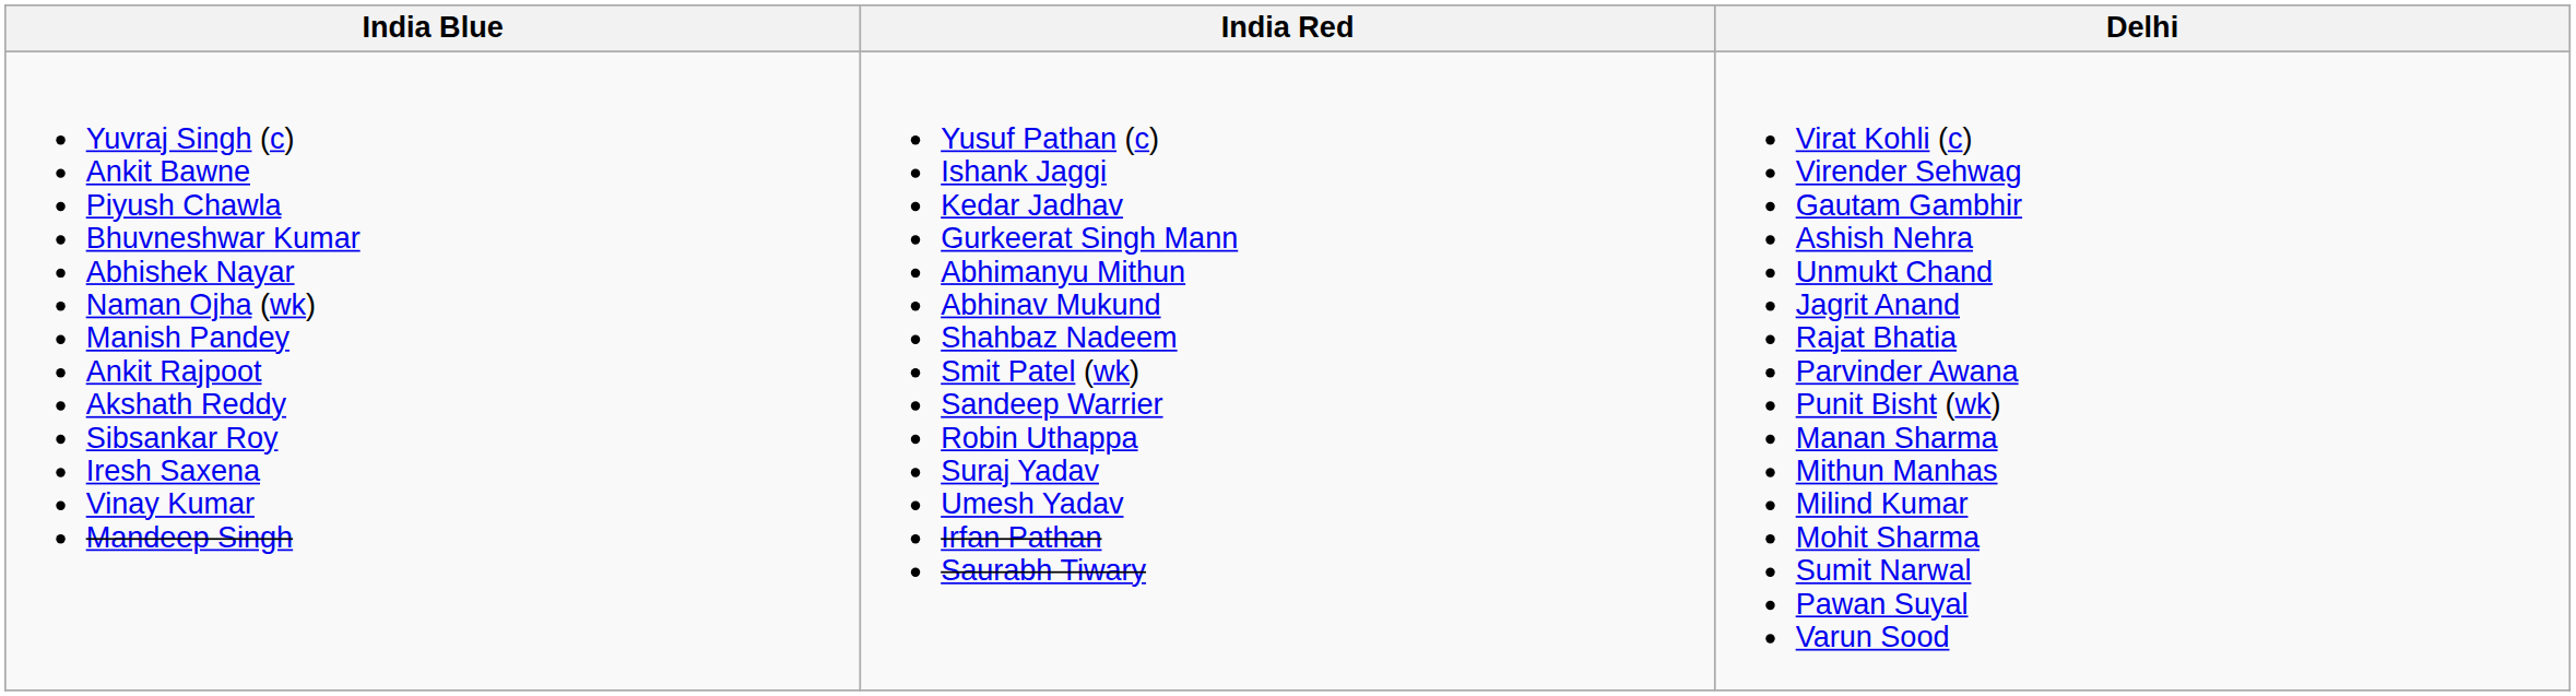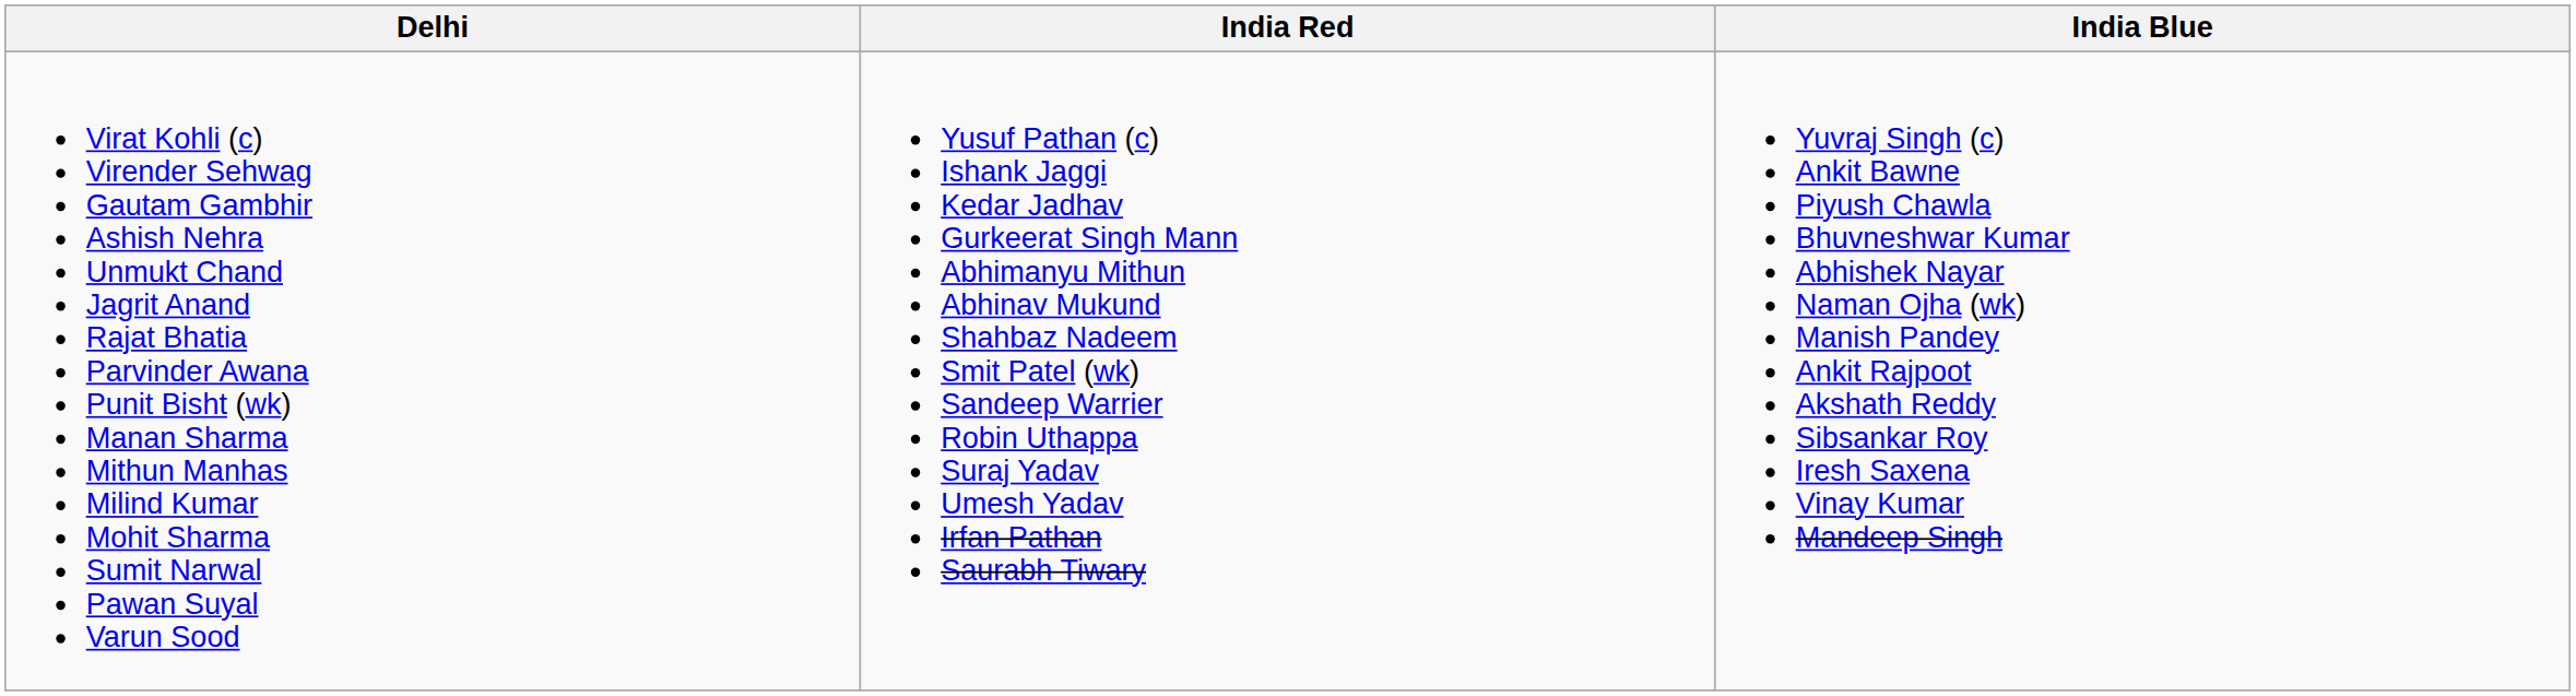 <table class="wikitable">
 <tr>
+<th style="width:15%;"> Delhi </th>
+<th style="width:15%;"> India Red </th>
 <th style="width:15%;"> India Blue </th>
-<th style="width:15%;"> India Red </th>
-<th style="width:15%;"> Delhi </th>
 </tr>
 <tr style="vertical-align:top">
+<td><br><ul><li><a href='#'>Virat Kohli</a> (<a href='#'>c</a>)</li><li><a href='#'>Virender Sehwag</a></li><li><a href='#'>Gautam Gambhir</a></li><li><a href='#'>Ashish Nehra</a></li><li><a href='#'>Unmukt Chand</a></li><li><a href='#'>Jagrit Anand</a></li><li><a href='#'>Rajat Bhatia</a></li><li><a href='#'>Parvinder Awana</a></li><li><a href='#'>Punit Bisht</a> (<a href='#'>wk</a>)</li><li><a href='#'>Manan Sharma</a></li><li><a href='#'>Mithun Manhas</a></li><li><a href='#'>Milind Kumar</a></li><li><a href='#'>Mohit Sharma</a></li><li><a href='#'>Sumit Narwal</a></li><li><a href='#'>Pawan Suyal</a></li><li><a href='#'>Varun Sood</a></li></ul></td>
+<td><br><ul><li><a href='#'>Yusuf Pathan</a> (<a href='#'>c</a>)</li><li><a href='#'>Ishank Jaggi</a></li><li><a href='#'>Kedar Jadhav</a></li><li><a href='#'>Gurkeerat Singh Mann</a></li><li><a href='#'>Abhimanyu Mithun</a></li><li><a href='#'>Abhinav Mukund</a></li><li><a href='#'>Shahbaz Nadeem</a></li><li><a href='#'>Smit Patel</a> (<a href='#'>wk</a>)</li><li><a href='#'>Sandeep Warrier</a></li><li><a href='#'>Robin Uthappa</a></li><li><a href='#'>Suraj Yadav</a></li><li><a href='#'>Umesh Yadav</a></li><li><s><a href='#'>Irfan Pathan</a></s></li><li><s><a href='#'>Saurabh Tiwary</a></s></li></ul></td>
 <td><br><ul><li><a href='#'>Yuvraj Singh</a> (<a href='#'>c</a>)</li><li><a href='#'>Ankit Bawne</a></li><li><a href='#'>Piyush Chawla</a></li><li><a href='#'>Bhuvneshwar Kumar</a></li><li><a href='#'>Abhishek Nayar</a></li><li><a href='#'>Naman Ojha</a> (<a href='#'>wk</a>)</li><li><a href='#'>Manish Pandey</a></li><li><a href='#'>Ankit Rajpoot</a></li><li><a href='#'>Akshath Reddy</a></li><li><a href='#'>Sibsankar Roy</a></li><li><a href='#'>Iresh Saxena</a></li><li><a href='#'>Vinay Kumar</a></li><li><s><a href='#'>Mandeep Singh</a></s></li></ul></td>
-<td><br><ul><li><a href='#'>Yusuf Pathan</a> (<a href='#'>c</a>)</li><li><a href='#'>Ishank Jaggi</a></li><li><a href='#'>Kedar Jadhav</a></li><li><a href='#'>Gurkeerat Singh Mann</a></li><li><a href='#'>Abhimanyu Mithun</a></li><li><a href='#'>Abhinav Mukund</a></li><li><a href='#'>Shahbaz Nadeem</a></li><li><a href='#'>Smit Patel</a> (<a href='#'>wk</a>)</li><li><a href='#'>Sandeep Warrier</a></li><li><a href='#'>Robin Uthappa</a></li><li><a href='#'>Suraj Yadav</a></li><li><a href='#'>Umesh Yadav</a></li><li><s><a href='#'>Irfan Pathan</a></s></li><li><s><a href='#'>Saurabh Tiwary</a></s></li></ul></td>
-<td><br><ul><li><a href='#'>Virat Kohli</a> (<a href='#'>c</a>)</li><li><a href='#'>Virender Sehwag</a></li><li><a href='#'>Gautam Gambhir</a></li><li><a href='#'>Ashish Nehra</a></li><li><a href='#'>Unmukt Chand</a></li><li><a href='#'>Jagrit Anand</a></li><li><a href='#'>Rajat Bhatia</a></li><li><a href='#'>Parvinder Awana</a></li><li><a href='#'>Punit Bisht</a> (<a href='#'>wk</a>)</li><li><a href='#'>Manan Sharma</a></li><li><a href='#'>Mithun Manhas</a></li><li><a href='#'>Milind Kumar</a></li><li><a href='#'>Mohit Sharma</a></li><li><a href='#'>Sumit Narwal</a></li><li><a href='#'>Pawan Suyal</a></li><li><a href='#'>Varun Sood</a></li></ul></td>
 </tr>
 </table>
